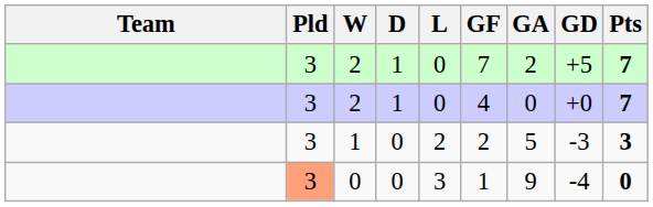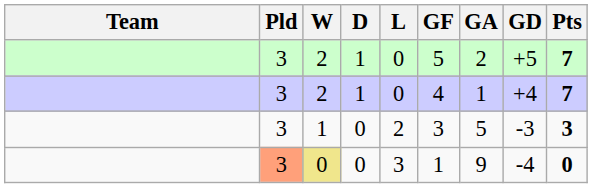 <table class="wikitable" style="text-align: center;">
 <tr>
 <th width=175>Team</th>
 <th width=20 abbr="Played">Pld</th>
 <th width=20 abbr="Won">W</th>
 <th width=20 abbr="Drawn">D</th>
 <th width=20 abbr="Lost">L</th>
 <th width=20 abbr="Goals for">GF</th>
 <th width=20 abbr="Goals against">GA</th>
 <th width=20 abbr="Goal difference">GD</th>
 <th width=20 abbr="Points">Pts</th>
 </tr>
 <tr bgcolor=#ccffcc>
 <td align=left></td>
 <td>3</td>
 <td>2</td>
 <td>1</td>
 <td>0</td>
-<td>7</td>
+<td>5</td>
 <td>2</td>
 <td>+5</td>
 <td><strong>7</strong></td>
 </tr>
 <tr bgcolor=#ccccff>
 <td align=left></td>
 <td>3</td>
 <td>2</td>
 <td>1</td>
 <td>0</td>
 <td>4</td>
-<td>0</td>
-<td>+0</td>
+<td>1</td>
+<td>+4</td>
 <td><strong>7</strong></td>
 </tr>
 <tr>
 <td align=left></td>
 <td>3</td>
 <td>1</td>
 <td>0</td>
 <td>2</td>
-<td>2</td>
+<td>3</td>
 <td>5</td>
 <td>-3</td>
 <td><strong>3</strong></td>
 </tr>
 <tr>
 <td align=left></td>
 <td style="background: lightsalmon;">3</td>
-<td>0</td>
+<td style="background: khaki;">0</td>
 <td>0</td>
 <td>3</td>
 <td>1</td>
 <td>9</td>
 <td>-4</td>
 <td><strong>0</strong></td>
 </tr>
 </table>
